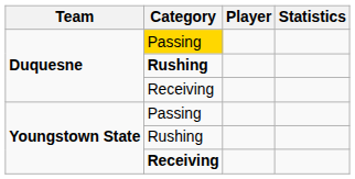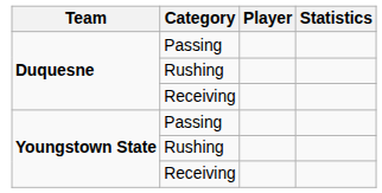 <table class="wikitable" style="float: right;">
 <tr>
 <th>Team</th>
 <th>Category</th>
 <th>Player</th>
 <th>Statistics</th>
 </tr>
 <tr>
 <td rowspan=3><strong>Duquesne</strong></td>
-<td style="background: gold;">Passing</td>
+<td>Passing</td>
 <td></td>
 <td></td>
 </tr>
 <tr>
-<td><strong>Rushing</strong></td>
+<td>Rushing</td>
 <td></td>
 <td></td>
 </tr>
 <tr>
 <td>Receiving</td>
 <td></td>
 <td></td>
 </tr>
 <tr>
 <td rowspan=3><strong>Youngstown State</strong></td>
 <td>Passing</td>
 <td></td>
 <td></td>
 </tr>
 <tr>
 <td>Rushing</td>
 <td></td>
 <td></td>
 </tr>
 <tr>
-<td><strong>Receiving</strong></td>
+<td>Receiving</td>
 <td></td>
 <td></td>
 </tr>
 </table>
